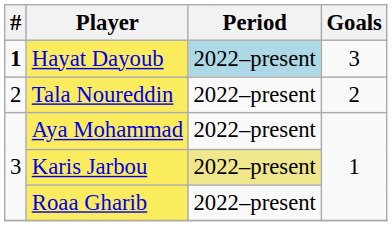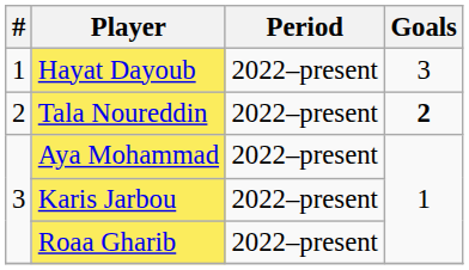 <table class="wikitable sortable" style="text-align:center;">
 <tr style="color:black">
 <th>#</th>
 <th>Player</th>
 <th>Period</th>
 <th>Goals</th>
 </tr>
 <tr>
-<td><strong>1</strong></td>
+<td>1</td>
 <td style="text-align:left; background:#fbec5d"><a href='#'>Hayat Dayoub</a></td>
-<td style="background: lightblue;">2022–present</td>
+<td>2022–present</td>
 <td>3</td>
 </tr>
 <tr>
 <td>2</td>
 <td style="text-align:left; background:#fbec5d"><a href='#'>Tala Noureddin</a></td>
 <td>2022–present</td>
-<td>2</td>
+<td><strong>2</strong></td>
 </tr>
 <tr>
 <td rowspan="3">3</td>
 <td style="text-align:left;background:#fbec5d"><a href='#'>Aya Mohammad</a></td>
 <td>2022–present</td>
 <td rowspan="3">1</td>
 </tr>
 <tr>
 <td style="text-align:left;background:#fbec5d"><a href='#'>Karis Jarbou</a></td>
-<td style="background: khaki;">2022–present</td>
+<td>2022–present</td>
 </tr>
 <tr>
 <td style="text-align:left;background:#fbec5d"><a href='#'>Roaa Gharib</a></td>
 <td>2022–present</td>
 </tr>
 <tr>
 </tr>
 </table>
